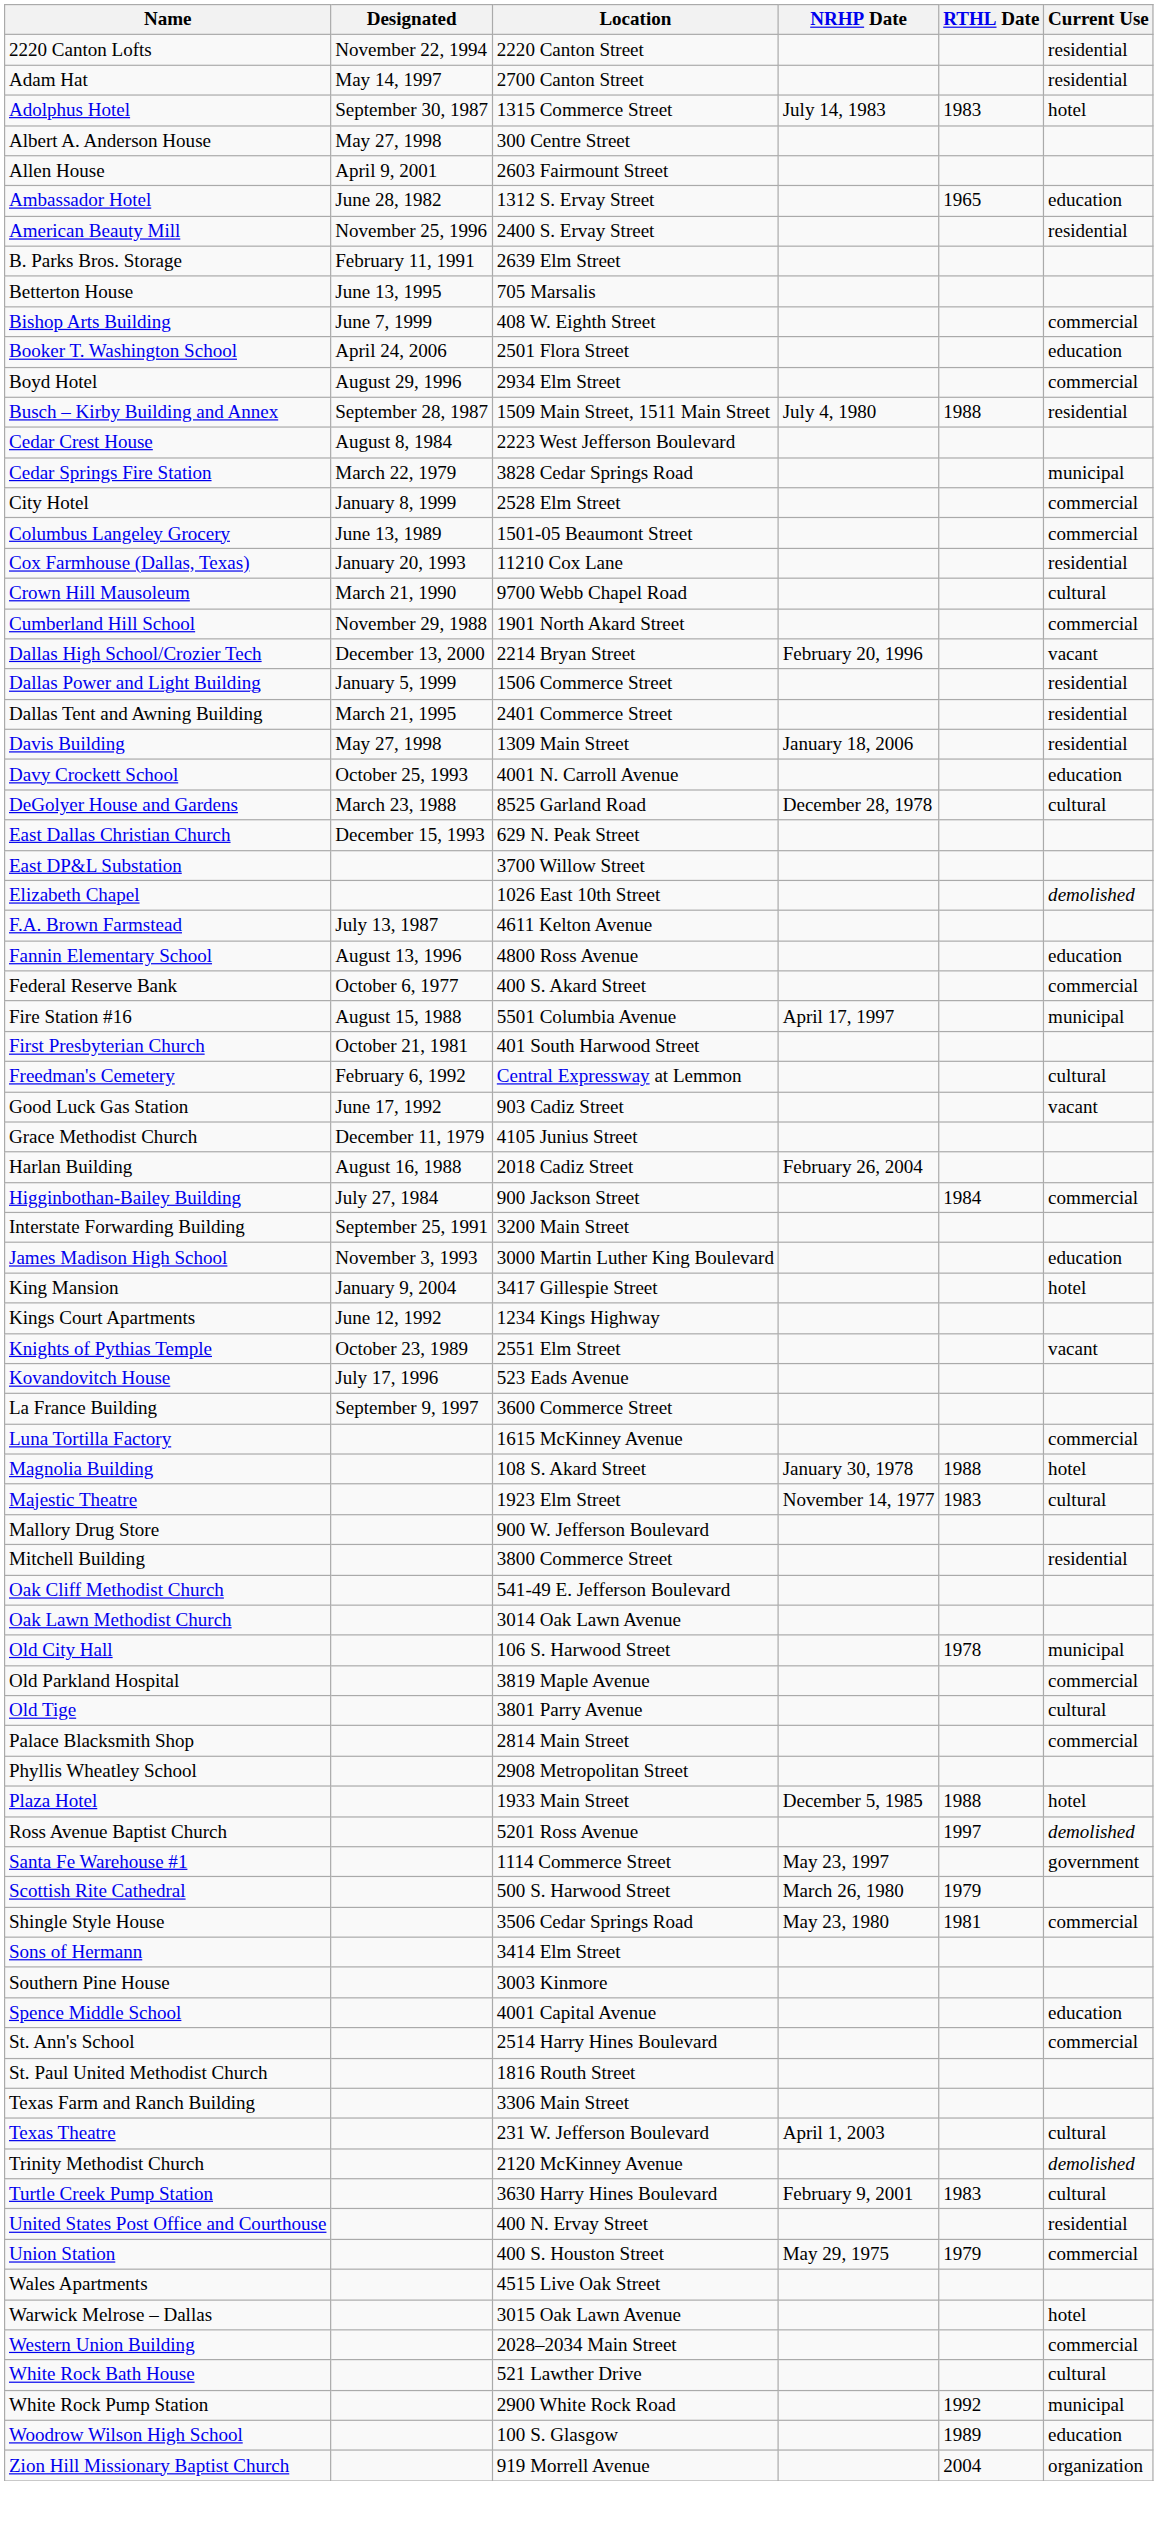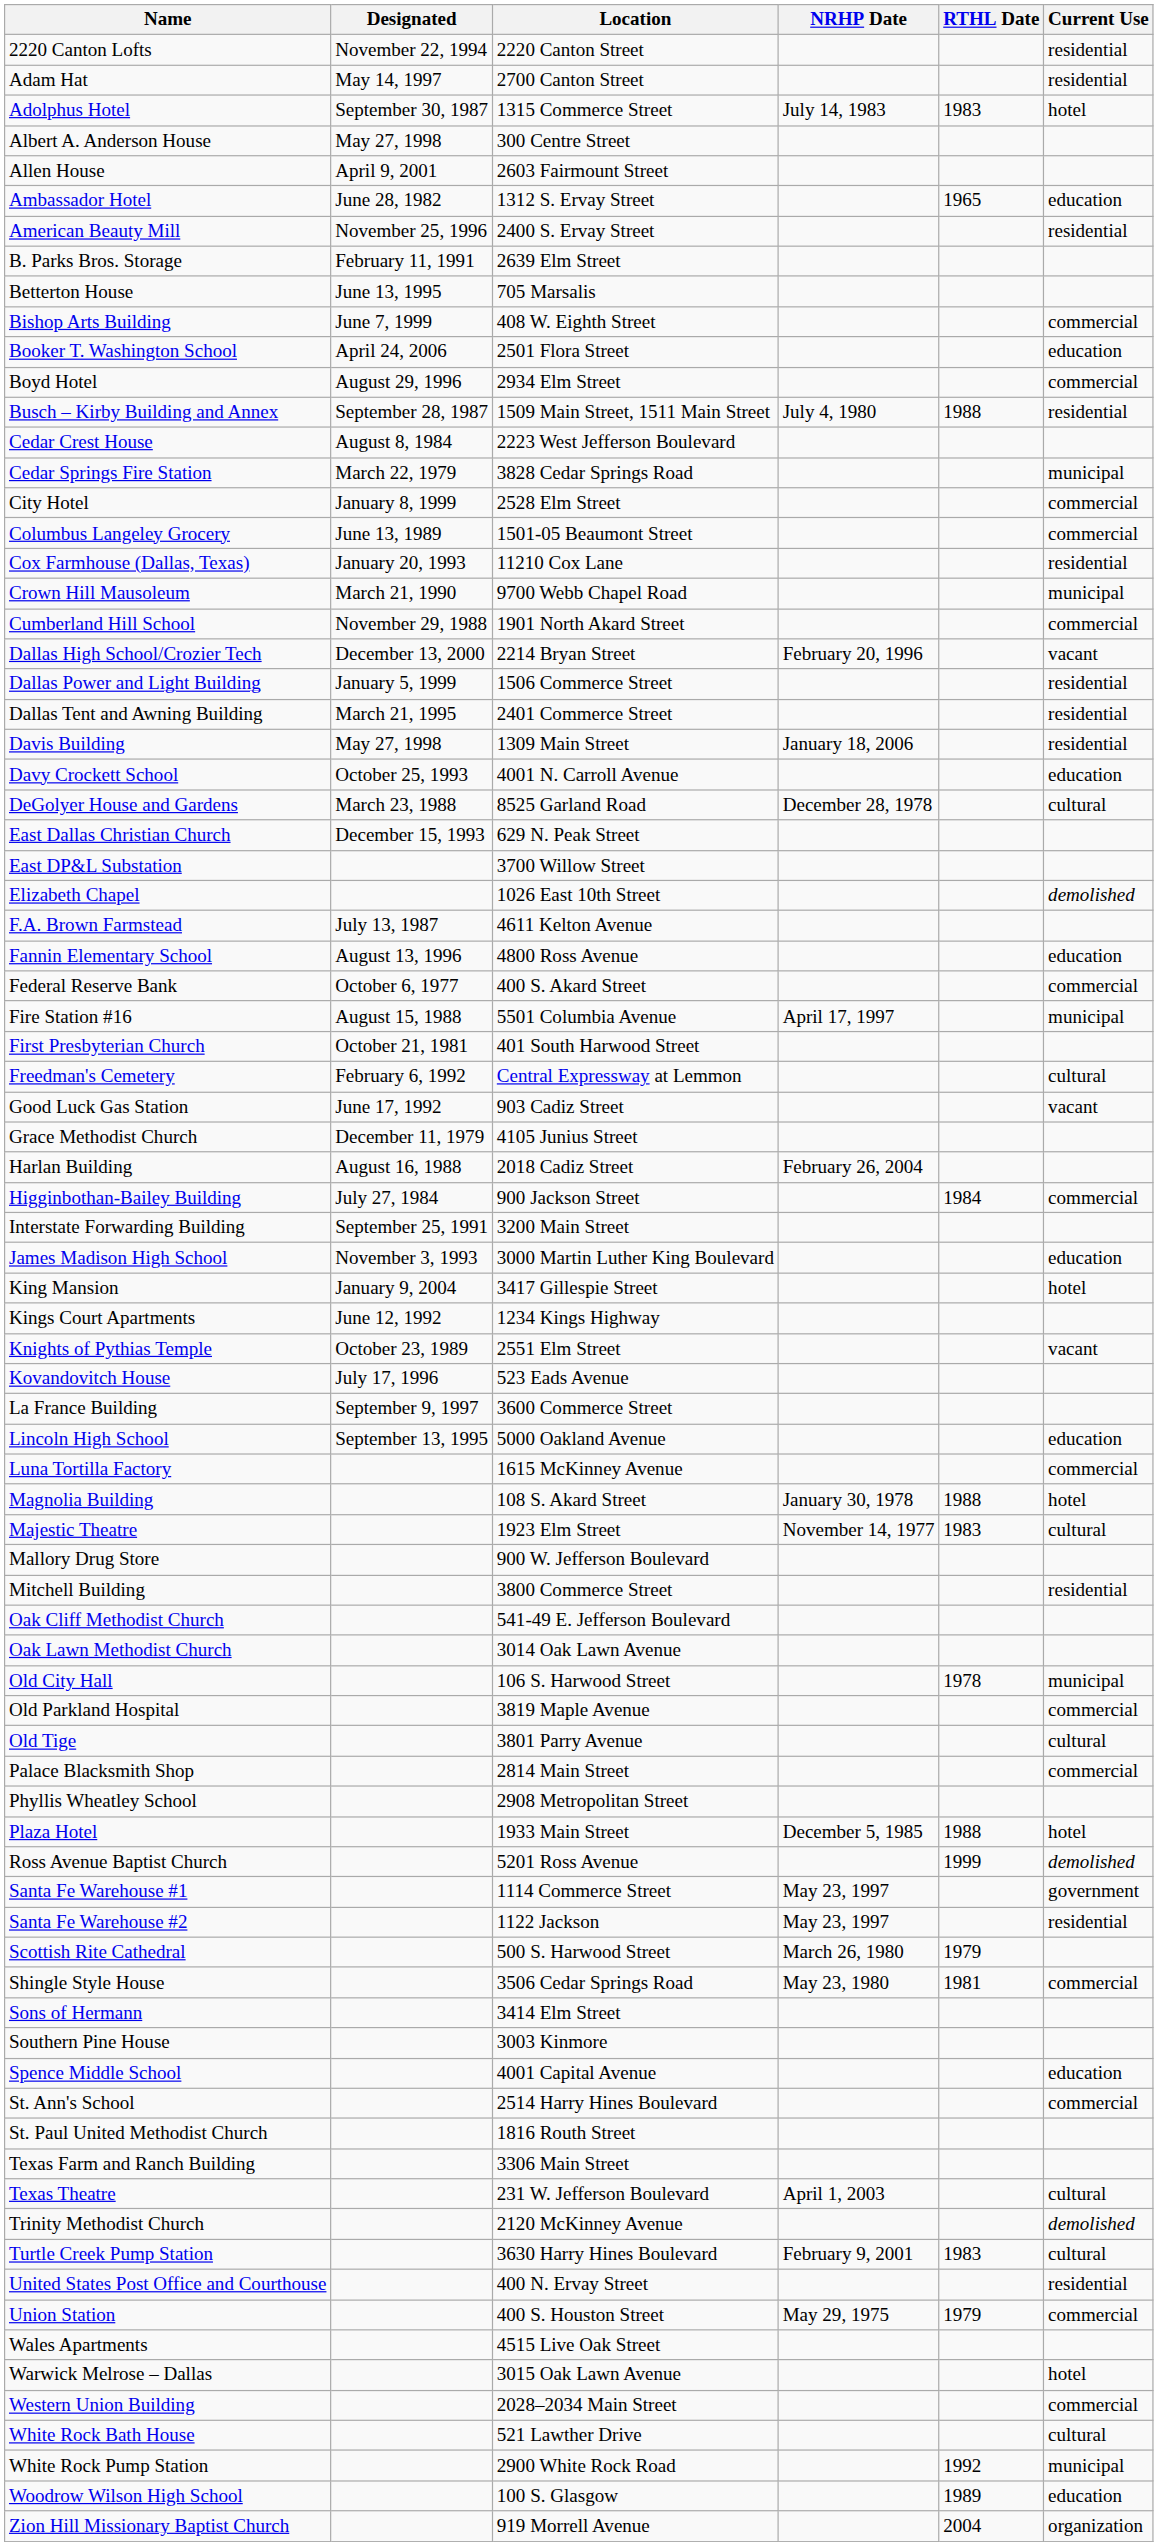 <table class="wikitable sortable">
 <tr>
 <th style="background-color:">Name</th>
 <th style="background-color:">Designated</th>
 <th style="background-color:">Location</th>
 <th style="background-color:"><a href='#'>NRHP</a> Date</th>
 <th style="background-color:"><a href='#'>RTHL</a> Date</th>
 <th style="background-color:">Current Use</th>
 </tr>
 <tr>
 <td>2220 Canton Lofts</td>
 <td>November 22, 1994</td>
 <td>2220 Canton Street</td>
 <td></td>
 <td></td>
 <td>residential</td>
 </tr>
 <tr>
 <td>Adam Hat</td>
 <td>May 14, 1997</td>
 <td>2700 Canton Street</td>
 <td></td>
 <td></td>
 <td>residential</td>
 </tr>
 <tr>
 <td><a href='#'>Adolphus Hotel</a></td>
 <td>September 30, 1987</td>
 <td>1315 Commerce Street</td>
 <td>July 14, 1983</td>
 <td>1983</td>
 <td>hotel</td>
 </tr>
 <tr>
 <td>Albert A. Anderson House</td>
 <td>May 27, 1998</td>
 <td>300 Centre Street</td>
 <td></td>
 <td></td>
 <td></td>
 </tr>
 <tr>
 <td>Allen House </td>
 <td>April 9, 2001</td>
 <td>2603 Fairmount Street</td>
 <td></td>
 <td></td>
 <td></td>
 </tr>
 <tr>
 <td><a href='#'>Ambassador Hotel</a></td>
 <td>June 28, 1982</td>
 <td>1312 S. Ervay Street</td>
 <td></td>
 <td>1965</td>
 <td>education</td>
 </tr>
 <tr>
 <td><a href='#'>American Beauty Mill</a></td>
 <td>November 25, 1996</td>
 <td>2400 S. Ervay Street</td>
 <td></td>
 <td></td>
 <td>residential</td>
 </tr>
 <tr>
 <td>B. Parks Bros. Storage</td>
 <td>February 11, 1991</td>
 <td>2639 Elm Street</td>
 <td></td>
 <td></td>
 <td></td>
 </tr>
 <tr>
 <td>Betterton House</td>
 <td>June 13, 1995</td>
 <td>705 Marsalis</td>
 <td></td>
 <td></td>
 <td></td>
 </tr>
 <tr>
 <td><a href='#'>Bishop Arts Building</a></td>
 <td>June 7, 1999</td>
 <td>408 W. Eighth Street</td>
 <td></td>
 <td></td>
 <td>commercial</td>
 </tr>
 <tr>
 <td><a href='#'>Booker T. Washington School</a></td>
 <td>April 24, 2006</td>
 <td>2501 Flora Street</td>
 <td></td>
 <td></td>
 <td>education</td>
 </tr>
 <tr>
 <td>Boyd Hotel</td>
 <td>August 29, 1996</td>
 <td>2934 Elm Street</td>
 <td></td>
 <td></td>
 <td>commercial</td>
 </tr>
 <tr>
 <td><a href='#'>Busch – Kirby Building and Annex</a></td>
 <td>September 28, 1987</td>
 <td>1509 Main Street, 1511 Main Street</td>
 <td>July 4, 1980</td>
 <td>1988</td>
 <td>residential</td>
 </tr>
 <tr>
 <td><a href='#'>Cedar Crest House</a></td>
 <td>August 8, 1984</td>
 <td>2223 West Jefferson Boulevard</td>
 <td></td>
 <td></td>
 <td></td>
 </tr>
 <tr>
 <td><a href='#'>Cedar Springs Fire Station</a></td>
 <td>March 22, 1979</td>
 <td>3828 Cedar Springs Road</td>
 <td></td>
 <td></td>
 <td>municipal</td>
 </tr>
 <tr>
 <td>City Hotel</td>
 <td>January 8, 1999</td>
 <td>2528 Elm Street</td>
 <td></td>
 <td></td>
 <td>commercial</td>
 </tr>
 <tr>
 <td><a href='#'>Columbus Langeley Grocery</a></td>
 <td>June 13, 1989</td>
 <td>1501-05 Beaumont Street</td>
 <td></td>
 <td></td>
 <td>commercial</td>
 </tr>
 <tr>
 <td><a href='#'>Cox Farmhouse (Dallas, Texas)</a></td>
 <td>January 20, 1993</td>
 <td>11210 Cox Lane</td>
 <td></td>
 <td></td>
 <td>residential</td>
 </tr>
 <tr>
 <td><a href='#'>Crown Hill Mausoleum</a></td>
 <td>March 21, 1990</td>
 <td>9700 Webb Chapel Road</td>
 <td></td>
 <td></td>
-<td>cultural</td>
+<td>municipal</td>
 </tr>
 <tr>
 <td><a href='#'>Cumberland Hill School</a></td>
 <td>November 29, 1988</td>
 <td>1901 North Akard Street</td>
 <td></td>
 <td></td>
 <td>commercial</td>
 </tr>
 <tr>
 <td><a href='#'>Dallas High School/Crozier Tech</a></td>
 <td>December 13, 2000</td>
 <td>2214 Bryan Street</td>
 <td>February 20, 1996</td>
 <td></td>
 <td>vacant</td>
 </tr>
 <tr>
 <td><a href='#'>Dallas Power and Light Building</a></td>
 <td>January 5, 1999</td>
 <td>1506 Commerce Street</td>
 <td></td>
 <td></td>
 <td>residential</td>
 </tr>
 <tr>
 <td>Dallas Tent and Awning Building</td>
 <td>March 21, 1995</td>
 <td>2401 Commerce Street</td>
 <td></td>
 <td></td>
 <td>residential</td>
 </tr>
 <tr>
 <td><a href='#'>Davis Building</a></td>
 <td>May 27, 1998</td>
 <td>1309 Main Street</td>
 <td>January 18, 2006</td>
 <td></td>
 <td>residential</td>
 </tr>
 <tr>
 <td><a href='#'>Davy Crockett School</a></td>
 <td>October 25, 1993</td>
 <td>4001 N. Carroll Avenue</td>
 <td></td>
 <td></td>
 <td>education</td>
 </tr>
 <tr>
 <td><a href='#'>DeGolyer House and Gardens</a></td>
 <td>March 23, 1988</td>
 <td>8525 Garland Road</td>
 <td>December 28, 1978</td>
 <td></td>
 <td>cultural</td>
 </tr>
 <tr>
 <td><a href='#'>East Dallas Christian Church</a></td>
 <td>December 15, 1993</td>
 <td>629 N. Peak Street</td>
 <td></td>
 <td></td>
 <td></td>
 </tr>
 <tr>
 <td><a href='#'>East DP&L Substation</a></td>
 <td></td>
 <td>3700 Willow Street</td>
 <td></td>
 <td></td>
 <td></td>
 </tr>
 <tr>
 <td><a href='#'>Elizabeth Chapel</a></td>
 <td></td>
 <td>1026 East 10th Street</td>
 <td></td>
 <td></td>
 <td><em>demolished</em></td>
 </tr>
 <tr>
 <td><a href='#'>F.A. Brown Farmstead</a></td>
 <td>July 13, 1987</td>
 <td>4611 Kelton Avenue</td>
 <td></td>
 <td></td>
 <td></td>
 </tr>
 <tr>
 <td><a href='#'>Fannin Elementary School</a></td>
 <td>August 13, 1996</td>
 <td>4800 Ross Avenue</td>
 <td></td>
 <td></td>
 <td>education</td>
 </tr>
 <tr>
 <td>Federal Reserve Bank</td>
 <td>October 6, 1977</td>
 <td>400 S. Akard Street</td>
 <td></td>
 <td></td>
 <td>commercial</td>
 </tr>
 <tr>
 <td>Fire Station #16</td>
 <td>August 15, 1988</td>
 <td>5501 Columbia Avenue</td>
 <td>April 17, 1997</td>
 <td></td>
 <td>municipal</td>
 </tr>
 <tr>
 <td><a href='#'>First Presbyterian Church</a></td>
 <td>October 21, 1981</td>
 <td>401 South Harwood Street</td>
 <td></td>
 <td></td>
 <td></td>
 </tr>
 <tr>
 <td><a href='#'>Freedman's Cemetery</a></td>
 <td>February 6, 1992</td>
 <td><a href='#'>Central Expressway</a> at Lemmon</td>
 <td></td>
 <td></td>
 <td>cultural</td>
 </tr>
 <tr>
 <td>Good Luck Gas Station</td>
 <td>June 17, 1992</td>
 <td>903 Cadiz Street</td>
 <td></td>
 <td></td>
 <td>vacant</td>
 </tr>
 <tr>
 <td>Grace Methodist Church</td>
 <td>December 11, 1979</td>
 <td>4105 Junius Street</td>
 <td></td>
 <td></td>
 <td></td>
 </tr>
 <tr>
 <td>Harlan Building</td>
 <td>August 16, 1988</td>
 <td>2018 Cadiz Street</td>
 <td>February 26, 2004</td>
 <td></td>
 <td></td>
 </tr>
 <tr>
 <td><a href='#'>Higginbothan-Bailey Building</a></td>
 <td>July 27, 1984</td>
 <td>900 Jackson Street</td>
 <td></td>
 <td>1984</td>
 <td>commercial</td>
 </tr>
 <tr>
 <td>Interstate Forwarding Building</td>
 <td>September 25, 1991</td>
 <td>3200 Main Street</td>
 <td></td>
 <td></td>
 <td></td>
 </tr>
 <tr>
 <td><a href='#'>James Madison High School</a></td>
 <td>November 3, 1993</td>
 <td>3000 Martin Luther King Boulevard</td>
 <td></td>
 <td></td>
 <td>education</td>
 </tr>
 <tr>
 <td>King Mansion</td>
 <td>January 9, 2004</td>
 <td>3417 Gillespie Street</td>
 <td></td>
 <td></td>
 <td>hotel</td>
 </tr>
 <tr>
 <td>Kings Court Apartments</td>
 <td>June 12, 1992</td>
 <td>1234 Kings Highway</td>
 <td></td>
 <td></td>
 <td></td>
 </tr>
 <tr>
 <td><a href='#'>Knights of Pythias Temple</a></td>
 <td>October 23, 1989</td>
 <td>2551 Elm Street</td>
 <td></td>
 <td></td>
 <td>vacant</td>
 </tr>
 <tr>
 <td><a href='#'>Kovandovitch House</a></td>
 <td>July 17, 1996</td>
 <td>523 Eads Avenue</td>
 <td></td>
 <td></td>
 <td></td>
 </tr>
 <tr>
 <td>La France Building</td>
 <td>September 9, 1997</td>
 <td>3600 Commerce Street</td>
 <td></td>
 <td></td>
 <td></td>
 </tr>
 <tr>
+<td><a href='#'>Lincoln High School</a></td>
+<td>September 13, 1995</td>
+<td>5000 Oakland Avenue</td>
+<td></td>
+<td></td>
+<td>education</td>
+</tr>
+<tr>
 <td><a href='#'>Luna Tortilla Factory</a></td>
 <td></td>
 <td>1615 McKinney Avenue</td>
 <td></td>
 <td></td>
 <td>commercial</td>
 </tr>
 <tr>
 <td><a href='#'>Magnolia Building</a></td>
 <td></td>
 <td>108 S. Akard Street</td>
 <td>January 30, 1978</td>
 <td>1988</td>
 <td>hotel</td>
 </tr>
 <tr>
 <td><a href='#'>Majestic Theatre</a></td>
 <td></td>
 <td>1923 Elm Street</td>
 <td>November 14, 1977</td>
 <td>1983</td>
 <td>cultural</td>
 </tr>
 <tr>
 <td>Mallory Drug Store</td>
 <td></td>
 <td>900 W. Jefferson Boulevard</td>
 <td></td>
 <td></td>
 <td></td>
 </tr>
 <tr>
 <td>Mitchell Building</td>
 <td></td>
 <td>3800 Commerce Street</td>
 <td></td>
 <td></td>
 <td>residential</td>
 </tr>
 <tr>
 <td><a href='#'>Oak Cliff Methodist Church</a></td>
 <td></td>
 <td>541-49 E. Jefferson Boulevard</td>
 <td></td>
 <td></td>
 <td></td>
 </tr>
 <tr>
 <td><a href='#'>Oak Lawn Methodist Church</a></td>
 <td></td>
 <td>3014 Oak Lawn Avenue</td>
 <td></td>
 <td></td>
 <td></td>
 </tr>
 <tr>
 <td><a href='#'>Old City Hall</a></td>
 <td></td>
 <td>106 S. Harwood Street</td>
 <td></td>
 <td>1978</td>
 <td>municipal</td>
 </tr>
 <tr>
 <td>Old Parkland Hospital</td>
 <td></td>
 <td>3819 Maple Avenue</td>
 <td></td>
 <td></td>
 <td>commercial</td>
 </tr>
 <tr>
 <td><a href='#'>Old Tige</a></td>
 <td></td>
 <td>3801 Parry Avenue</td>
 <td></td>
 <td></td>
 <td>cultural</td>
 </tr>
 <tr>
 <td>Palace Blacksmith Shop</td>
 <td></td>
 <td>2814 Main Street</td>
 <td></td>
 <td></td>
 <td>commercial</td>
 </tr>
 <tr>
 <td>Phyllis Wheatley School</td>
 <td></td>
 <td>2908 Metropolitan Street</td>
 <td></td>
 <td></td>
 <td></td>
 </tr>
 <tr>
 <td><a href='#'>Plaza Hotel</a></td>
 <td></td>
 <td>1933 Main Street</td>
 <td>December 5, 1985</td>
 <td>1988</td>
 <td>hotel</td>
 </tr>
 <tr>
 <td>Ross Avenue Baptist Church</td>
 <td></td>
 <td>5201 Ross Avenue</td>
 <td></td>
-<td>1997</td>
+<td>1999</td>
 <td><em>demolished</em></td>
 </tr>
 <tr>
 <td><a href='#'>Santa Fe Warehouse #1</a></td>
 <td></td>
 <td>1114 Commerce Street</td>
 <td>May 23, 1997</td>
 <td></td>
 <td>government</td>
+</tr>
+<tr>
+<td><a href='#'>Santa Fe Warehouse #2</a></td>
+<td></td>
+<td>1122 Jackson</td>
+<td>May 23, 1997</td>
+<td></td>
+<td>residential</td>
 </tr>
 <tr>
 <td><a href='#'>Scottish Rite Cathedral</a></td>
 <td></td>
 <td>500 S. Harwood Street</td>
 <td>March 26, 1980</td>
 <td>1979</td>
 <td></td>
 </tr>
 <tr>
 <td>Shingle Style House</td>
 <td></td>
 <td>3506 Cedar Springs Road</td>
 <td>May 23, 1980</td>
 <td>1981</td>
 <td>commercial</td>
 </tr>
 <tr>
 <td><a href='#'>Sons of Hermann</a></td>
 <td></td>
 <td>3414 Elm Street</td>
 <td></td>
 <td></td>
 <td></td>
 </tr>
 <tr>
 <td>Southern Pine House</td>
 <td></td>
 <td>3003 Kinmore</td>
 <td></td>
 <td></td>
 <td></td>
 </tr>
 <tr>
 <td><a href='#'>Spence Middle School</a></td>
 <td></td>
 <td>4001 Capital Avenue</td>
 <td></td>
 <td></td>
 <td>education</td>
 </tr>
 <tr>
 <td>St. Ann's School</td>
 <td></td>
 <td>2514 Harry Hines Boulevard</td>
 <td></td>
 <td></td>
 <td>commercial</td>
 </tr>
 <tr>
 <td>St. Paul United Methodist Church</td>
 <td></td>
 <td>1816 Routh Street</td>
 <td></td>
 <td></td>
 <td></td>
 </tr>
 <tr>
 <td>Texas Farm and Ranch Building</td>
 <td></td>
 <td>3306 Main Street</td>
 <td></td>
 <td></td>
 <td></td>
 </tr>
 <tr>
 <td><a href='#'>Texas Theatre</a></td>
 <td></td>
 <td>231 W. Jefferson Boulevard</td>
 <td>April 1, 2003</td>
 <td></td>
 <td>cultural</td>
 </tr>
 <tr>
 <td>Trinity Methodist Church</td>
 <td></td>
 <td>2120 McKinney Avenue</td>
 <td></td>
 <td></td>
 <td><em>demolished</em></td>
 </tr>
 <tr>
 <td><a href='#'>Turtle Creek Pump Station</a></td>
 <td></td>
 <td>3630 Harry Hines Boulevard</td>
 <td>February 9, 2001</td>
 <td>1983</td>
 <td>cultural</td>
 </tr>
 <tr>
 <td><a href='#'>United States Post Office and Courthouse</a></td>
 <td></td>
 <td>400 N. Ervay Street</td>
 <td></td>
 <td></td>
 <td>residential</td>
 </tr>
 <tr>
 <td><a href='#'>Union Station</a></td>
 <td></td>
 <td>400 S. Houston Street</td>
 <td>May 29, 1975</td>
 <td>1979</td>
 <td>commercial</td>
 </tr>
 <tr>
 <td>Wales Apartments</td>
 <td></td>
 <td>4515 Live Oak Street</td>
 <td></td>
 <td></td>
 <td></td>
 </tr>
 <tr>
 <td>Warwick Melrose – Dallas</td>
 <td></td>
 <td>3015 Oak Lawn Avenue</td>
 <td></td>
 <td></td>
 <td>hotel</td>
 </tr>
 <tr>
 <td><a href='#'>Western Union Building</a></td>
 <td></td>
 <td>2028–2034 Main Street</td>
 <td></td>
 <td></td>
 <td>commercial</td>
 </tr>
 <tr>
 <td><a href='#'>White Rock Bath House</a></td>
 <td></td>
 <td>521 Lawther Drive</td>
 <td></td>
 <td></td>
 <td>cultural</td>
 </tr>
 <tr>
 <td>White Rock Pump Station</td>
 <td></td>
 <td>2900 White Rock Road</td>
 <td></td>
 <td>1992</td>
 <td>municipal</td>
 </tr>
 <tr>
 <td><a href='#'>Woodrow Wilson High School</a></td>
 <td></td>
 <td>100 S. Glasgow</td>
 <td></td>
 <td>1989</td>
 <td>education</td>
 </tr>
 <tr>
 <td><a href='#'>Zion Hill Missionary Baptist Church</a></td>
 <td></td>
 <td>919 Morrell Avenue</td>
 <td></td>
 <td>2004</td>
 <td>organization</td>
 </tr>
 </table>
